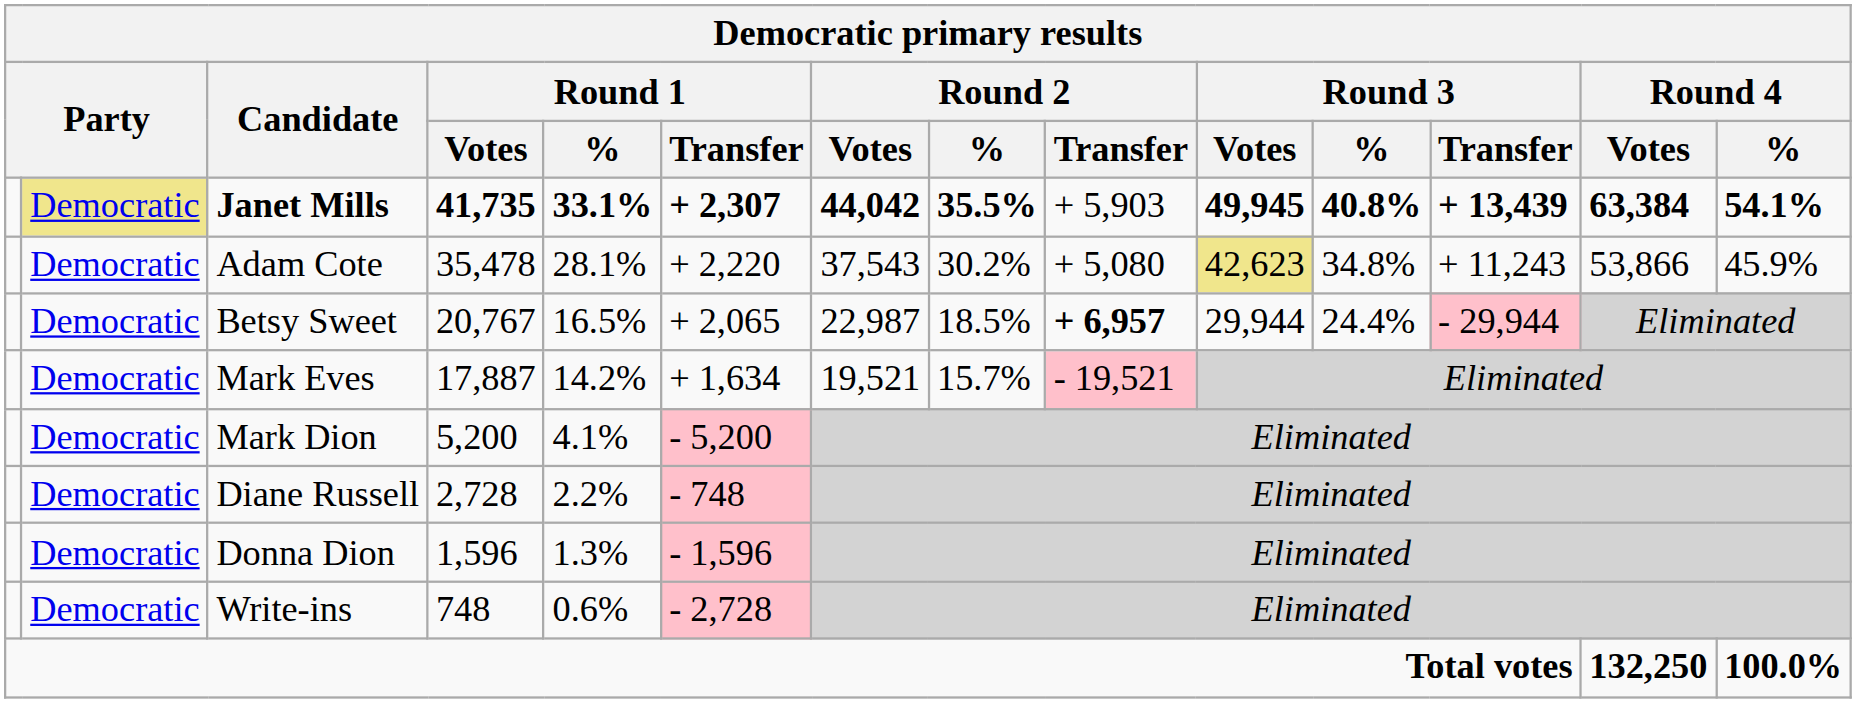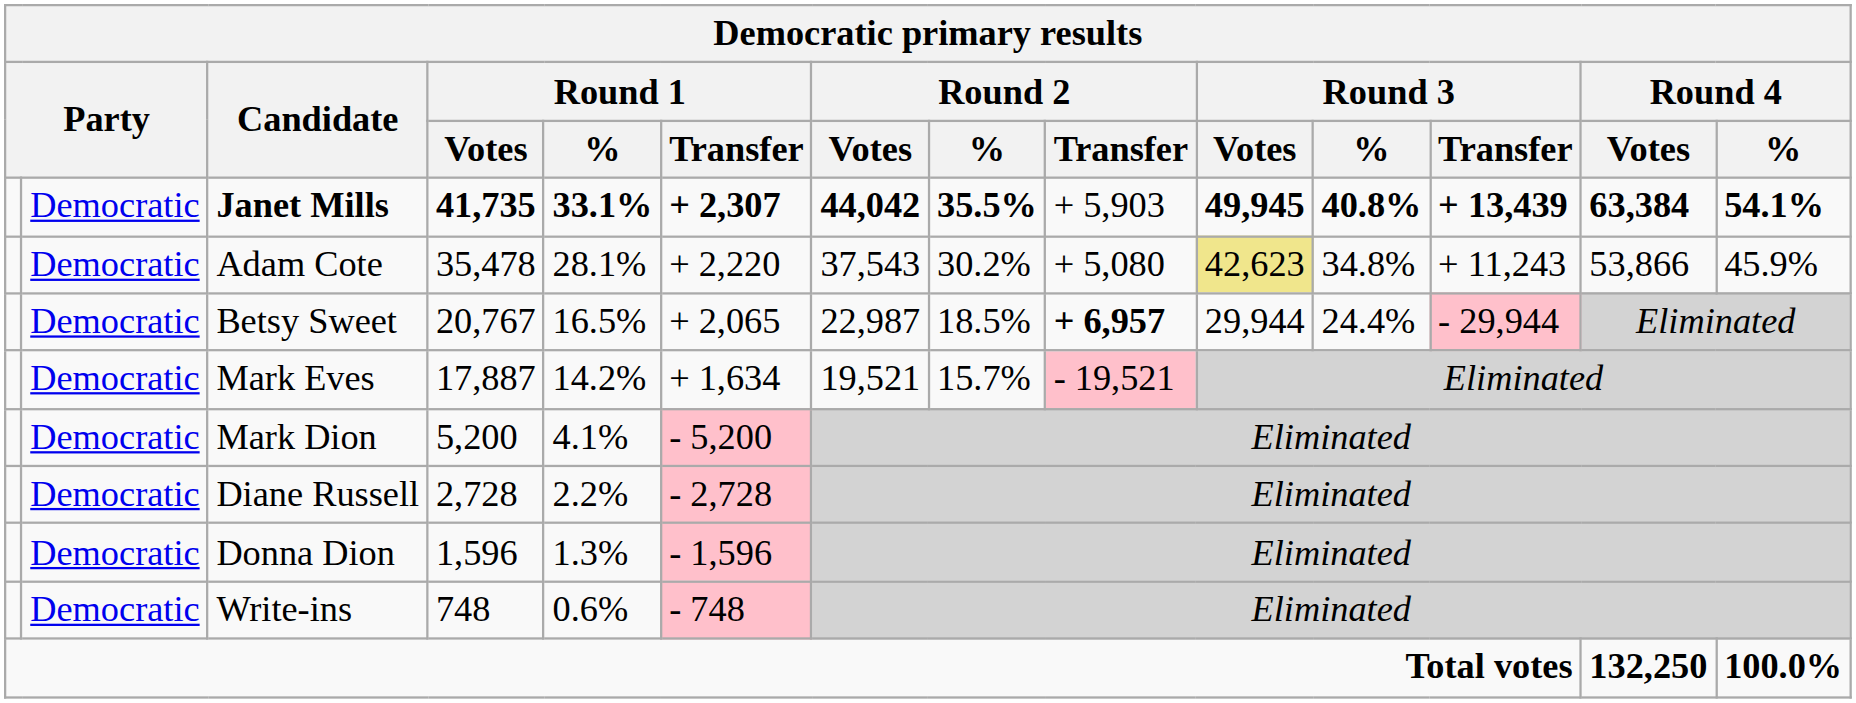 <table class="wikitable">
 <tr>
 <th colspan="16">Democratic primary results</th>
 </tr>
 <tr>
 <th colspan="2" rowspan="2">Party</th>
 <th rowspan="2">Candidate</th>
 <th colspan="3">Round 1</th>
 <th colspan="3">Round 2</th>
 <th colspan="3">Round 3</th>
 <th colspan="2">Round 4</th>
 </tr>
 <tr>
 <th>Votes</th>
 <th>%</th>
 <th>Transfer</th>
 <th>Votes</th>
 <th>%</th>
 <th>Transfer</th>
 <th>Votes</th>
 <th>%</th>
 <th>Transfer</th>
 <th>Votes</th>
 <th>%</th>
 </tr>
 <tr>
 <td style="background-color:"></td>
-<td style="background: khaki;"><a href='#'>Democratic</a></td>
+<td><a href='#'>Democratic</a></td>
 <td><strong>Janet Mills</strong></td>
 <td><strong>41,735</strong></td>
 <td><strong>33.1%</strong></td>
 <td><strong>+ 2,307</strong></td>
 <td><strong>44,042</strong></td>
 <td><strong>35.5%</strong></td>
 <td>+ 5,903</td>
 <td><strong>49,945</strong></td>
 <td><strong>40.8%</strong></td>
 <td><strong>+ 13,439</strong></td>
 <td><strong>63,384</strong></td>
 <td><strong>54.1%</strong></td>
 </tr>
 <tr>
 <td style="background-color:"></td>
 <td><a href='#'>Democratic</a></td>
 <td>Adam Cote</td>
 <td>35,478</td>
 <td>28.1%</td>
 <td>+ 2,220</td>
 <td>37,543</td>
 <td>30.2%</td>
 <td>+ 5,080</td>
 <td style="background: khaki;">42,623</td>
 <td>34.8%</td>
 <td>+ 11,243</td>
 <td>53,866</td>
 <td>45.9%</td>
 </tr>
 <tr>
 <td style="background-color:"></td>
 <td><a href='#'>Democratic</a></td>
 <td>Betsy Sweet</td>
 <td>20,767</td>
 <td>16.5%</td>
 <td>+ 2,065</td>
 <td>22,987</td>
 <td>18.5%</td>
 <td><strong>+ 6,957</strong></td>
 <td>29,944</td>
 <td>24.4%</td>
 <td BGCOLOR=pink>- 29,944</td>
 <td colspan=2 bgcolor=lightgray align=center><em>Eliminated</em></td>
 </tr>
 <tr>
 <td style="background-color:"></td>
 <td><a href='#'>Democratic</a></td>
 <td>Mark Eves</td>
 <td>17,887</td>
 <td>14.2%</td>
 <td>+ 1,634</td>
 <td>19,521</td>
 <td>15.7%</td>
 <td BGCOLOR=pink>- 19,521</td>
 <td colspan="5" bgcolor="lightgray" align="center"><em>Eliminated</em></td>
 </tr>
 <tr>
 <td style="background-color:"></td>
 <td><a href='#'>Democratic</a></td>
 <td>Mark Dion</td>
 <td>5,200</td>
 <td>4.1%</td>
 <td BGCOLOR=pink>- 5,200</td>
 <td colspan="8" bgcolor="lightgray" align="center"><em>Eliminated</em></td>
 </tr>
 <tr>
 <td style="background-color:"></td>
 <td><a href='#'>Democratic</a></td>
 <td>Diane Russell</td>
 <td>2,728</td>
 <td>2.2%</td>
-<td BGCOLOR=pink>- 748</td>
+<td BGCOLOR=pink>- 2,728</td>
 <td colspan="8" bgcolor="lightgray" align="center"><em>Eliminated</em></td>
 </tr>
 <tr>
 <td style="background-color:"></td>
 <td><a href='#'>Democratic</a></td>
 <td>Donna Dion</td>
 <td>1,596</td>
 <td>1.3%</td>
 <td BGCOLOR=pink>- 1,596</td>
 <td colspan="8" bgcolor="lightgray" align="center"><em>Eliminated</em></td>
 </tr>
 <tr>
 <td style="background-color:"></td>
 <td><a href='#'>Democratic</a></td>
 <td>Write-ins</td>
 <td>748</td>
 <td>0.6%</td>
-<td BGCOLOR=pink>- 2,728</td>
+<td BGCOLOR=pink>- 748</td>
 <td colspan="8" bgcolor="lightgray" align="center"><em>Eliminated</em></td>
 </tr>
 <tr>
 <td colspan="12" align="right"><strong>Total votes</strong></td>
 <td><strong>132,250</strong></td>
 <td><strong>100.0%</strong></td>
 </tr>
 </table>
